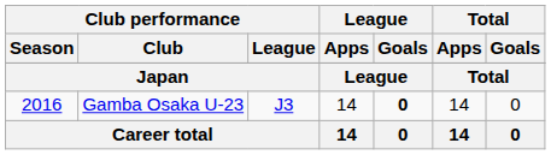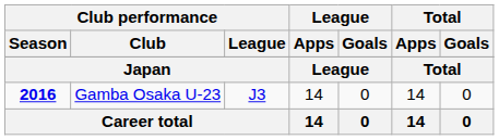 <table class="wikitable" style="text-align:center">
 <tr>
 <th colspan=3>Club performance</th>
 <th colspan=2>League</th>
 <th colspan=2>Total</th>
 </tr>
 <tr>
 <th>Season</th>
 <th>Club</th>
 <th>League</th>
 <th>Apps</th>
 <th>Goals</th>
 <th>Apps</th>
 <th>Goals</th>
 </tr>
 <tr>
 </tr>
 <tr>
 <th colspan=3>Japan</th>
 <th colspan=2>League</th>
 <th colspan=2>Total</th>
 </tr>
 <tr>
-<td><a href='#'>2016</a></td>
+<td><strong><a href='#'>2016</a></strong></td>
 <td rowspan="1"><a href='#'>Gamba Osaka U-23</a></td>
 <td rowspan="1"><a href='#'>J3</a></td>
 <td>14</td>
-<td><strong>0</strong></td>
+<td>0</td>
 <td>14</td>
 <td>0</td>
 </tr>
 <tr>
 <th colspan=3>Career total</th>
 <th>14</th>
 <th>0</th>
 <th>14</th>
 <th>0</th>
 </tr>
 </table>
